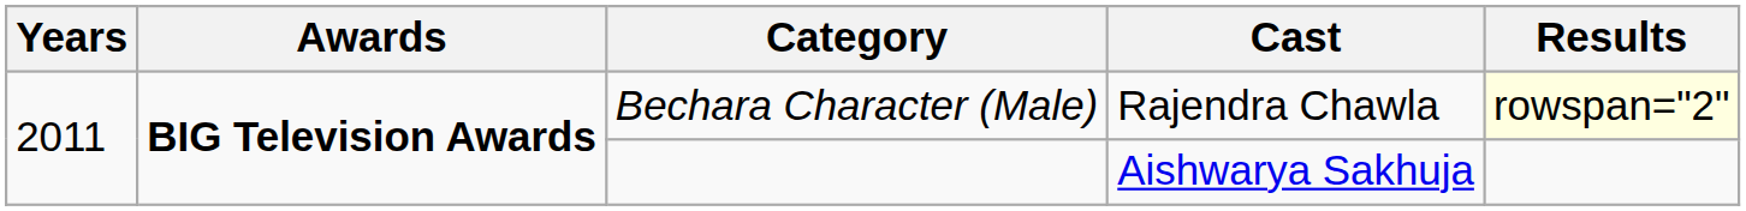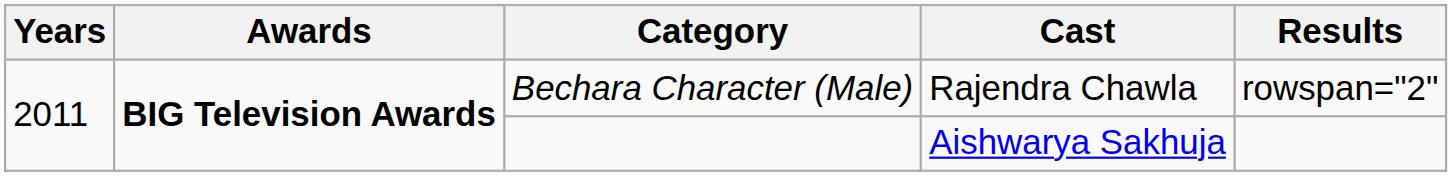 <table class="wikitable">
 <tr>
 <th>Years</th>
 <th>Awards</th>
 <th>Category</th>
 <th>Cast</th>
 <th>Results</th>
 </tr>
 <tr>
 <td rowspan="2">2011</td>
 <td rowspan="2"><strong>BIG Television Awards</strong></td>
 <td><em>Bechara Character (Male)</em></td>
 <td>Rajendra Chawla</td>
-<td style="background: lightyellow;">rowspan="2" </td>
+<td>rowspan="2" </td>
 </tr>
 <tr>
 <td></td>
 <td><a href='#'>Aishwarya Sakhuja</a></td>
 </tr>
 </table>
